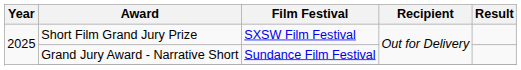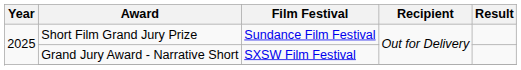 <table class="wikitable sortable">
 <tr>
 <th>Year</th>
 <th>Award</th>
 <th>Film Festival</th>
 <th>Recipient</th>
 <th>Result</th>
 </tr>
 <tr>
 <td rowspan="10">2025</td>
 <td>Short Film Grand Jury Prize</td>
-<td><a href='#'>SXSW Film Festival</a></td>
+<td><a href='#'>Sundance Film Festival</a></td>
 <td rowspan="2"><em>Out for Delivery</em></td>
 <td></td>
 </tr>
 <tr>
 <td>Grand Jury Award - Narrative Short</td>
-<td><a href='#'>Sundance Film Festival</a></td>
+<td><a href='#'>SXSW Film Festival</a></td>
 <td></td>
 </tr>
 <tr>
 </tr>
 </table>
